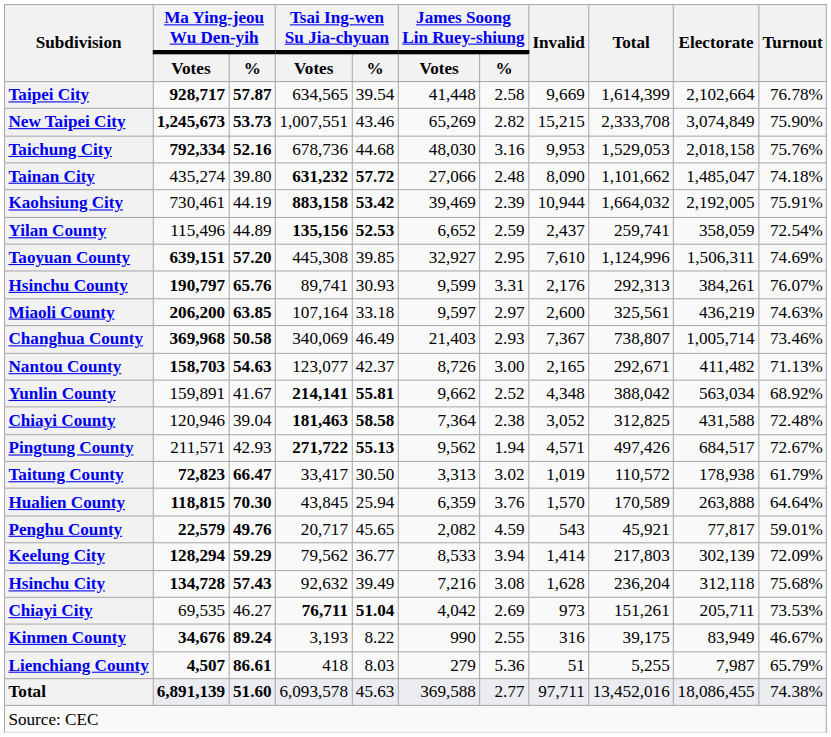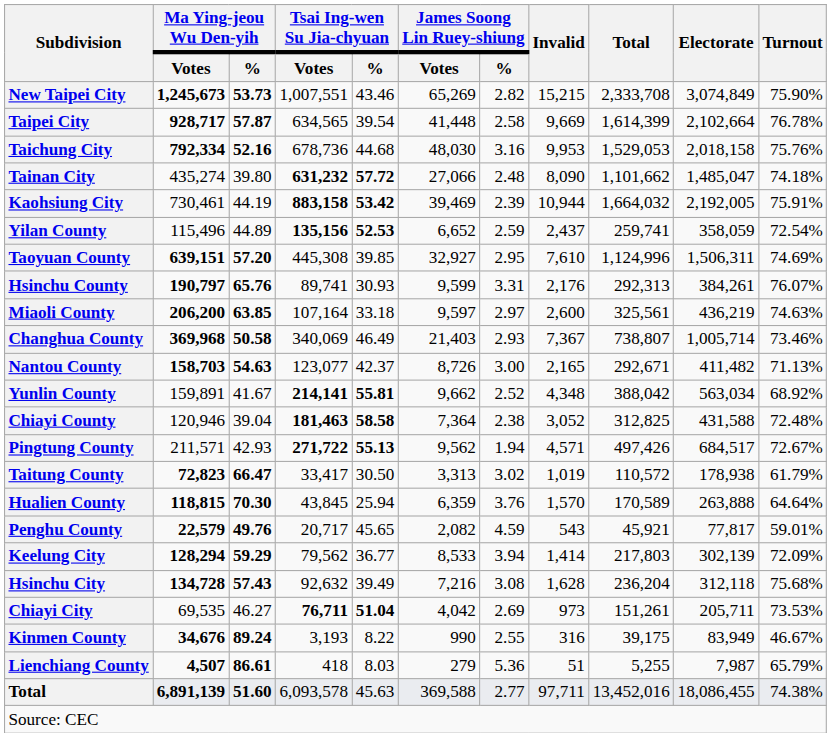 <table class="wikitable sortable" style=text-align:right>
 <tr>
 <th rowspan="2">Subdivision</th>
 <th colspan="2" style="border-bottom:4px solid "><a href='#'>Ma Ying-jeou</a><br><a href='#'>Wu Den-yih</a></th>
 <th colspan="2" style="border-bottom:4px solid "><a href='#'>Tsai Ing-wen</a><br><a href='#'>Su Jia-chyuan</a></th>
 <th colspan="2" style="border-bottom:4px solid "><a href='#'>James Soong</a><br><a href='#'>Lin Ruey-shiung</a></th>
 <th rowspan="2">Invalid</th>
 <th rowspan="2">Total</th>
 <th rowspan="2">Electorate</th>
 <th rowspan="2">Turnout</th>
 </tr>
 <tr>
 <th>Votes</th>
 <th>%</th>
 <th>Votes</th>
 <th>%</th>
 <th>Votes</th>
 <th>%</th>
 </tr>
 <tr>
+<th style="text-align: left;"><a href='#'>New Taipei City</a></th>
+<td><strong>1,245,673</strong></td>
+<td><strong>53.73</strong></td>
+<td>1,007,551</td>
+<td>43.46</td>
+<td>65,269</td>
+<td>2.82</td>
+<td>15,215</td>
+<td>2,333,708</td>
+<td>3,074,849</td>
+<td>75.90%</td>
+</tr>
+<tr>
 <th style="text-align: left;"><a href='#'>Taipei City</a></th>
 <td><strong>928,717</strong></td>
 <td><strong>57.87</strong></td>
 <td>634,565</td>
 <td>39.54</td>
 <td>41,448</td>
 <td>2.58</td>
 <td>9,669</td>
 <td>1,614,399</td>
 <td>2,102,664</td>
 <td>76.78%</td>
-</tr>
-<tr>
-<th style="text-align: left;"><a href='#'>New Taipei City</a></th>
-<td><strong>1,245,673</strong></td>
-<td><strong>53.73</strong></td>
-<td>1,007,551</td>
-<td>43.46</td>
-<td>65,269</td>
-<td>2.82</td>
-<td>15,215</td>
-<td>2,333,708</td>
-<td>3,074,849</td>
-<td>75.90%</td>
 </tr>
 <tr>
 <th style="text-align: left;"><a href='#'>Taichung City</a></th>
 <td><strong>792,334</strong></td>
 <td><strong>52.16</strong></td>
 <td>678,736</td>
 <td>44.68</td>
 <td>48,030</td>
 <td>3.16</td>
 <td>9,953</td>
 <td>1,529,053</td>
 <td>2,018,158</td>
 <td>75.76%</td>
 </tr>
 <tr>
 <th style="text-align: left;"><a href='#'>Tainan City</a></th>
 <td>435,274</td>
 <td>39.80</td>
 <td><strong>631,232</strong></td>
 <td><strong>57.72</strong></td>
 <td>27,066</td>
 <td>2.48</td>
 <td>8,090</td>
 <td>1,101,662</td>
 <td>1,485,047</td>
 <td>74.18%</td>
 </tr>
 <tr>
 <th style="text-align: left;"><a href='#'>Kaohsiung City</a></th>
 <td>730,461</td>
 <td>44.19</td>
 <td><strong>883,158</strong></td>
 <td><strong>53.42</strong></td>
 <td>39,469</td>
 <td>2.39</td>
 <td>10,944</td>
 <td>1,664,032</td>
 <td>2,192,005</td>
 <td>75.91%</td>
 </tr>
 <tr>
 <th style="text-align: left;"><a href='#'>Yilan County</a></th>
 <td>115,496</td>
 <td>44.89</td>
 <td><strong>135,156</strong></td>
 <td><strong>52.53</strong></td>
 <td>6,652</td>
 <td>2.59</td>
 <td>2,437</td>
 <td>259,741</td>
 <td>358,059</td>
 <td>72.54%</td>
 </tr>
 <tr>
 <th style="text-align: left;"><a href='#'>Taoyuan County</a></th>
 <td><strong>639,151</strong></td>
 <td><strong>57.20</strong></td>
 <td>445,308</td>
 <td>39.85</td>
 <td>32,927</td>
 <td>2.95</td>
 <td>7,610</td>
 <td>1,124,996</td>
 <td>1,506,311</td>
 <td>74.69%</td>
 </tr>
 <tr>
 <th style="text-align: left;"><a href='#'>Hsinchu County</a></th>
 <td><strong>190,797</strong></td>
 <td><strong>65.76</strong></td>
 <td>89,741</td>
 <td>30.93</td>
 <td>9,599</td>
 <td>3.31</td>
 <td>2,176</td>
 <td>292,313</td>
 <td>384,261</td>
 <td>76.07%</td>
 </tr>
 <tr>
 <th style="text-align: left;"><a href='#'>Miaoli County</a></th>
 <td><strong>206,200</strong></td>
 <td><strong>63.85</strong></td>
 <td>107,164</td>
 <td>33.18</td>
 <td>9,597</td>
 <td>2.97</td>
 <td>2,600</td>
 <td>325,561</td>
 <td>436,219</td>
 <td>74.63%</td>
 </tr>
 <tr>
 <th style="text-align: left;"><a href='#'>Changhua County</a></th>
 <td><strong>369,968</strong></td>
 <td><strong>50.58</strong></td>
 <td>340,069</td>
 <td>46.49</td>
 <td>21,403</td>
 <td>2.93</td>
 <td>7,367</td>
 <td>738,807</td>
 <td>1,005,714</td>
 <td>73.46%</td>
 </tr>
 <tr>
 <th style="text-align: left;"><a href='#'>Nantou County</a></th>
 <td><strong>158,703</strong></td>
 <td><strong>54.63</strong></td>
 <td>123,077</td>
 <td>42.37</td>
 <td>8,726</td>
 <td>3.00</td>
 <td>2,165</td>
 <td>292,671</td>
 <td>411,482</td>
 <td>71.13%</td>
 </tr>
 <tr>
 <th style="text-align: left;"><a href='#'>Yunlin County</a></th>
 <td>159,891</td>
 <td>41.67</td>
 <td><strong>214,141</strong></td>
 <td><strong>55.81</strong></td>
 <td>9,662</td>
 <td>2.52</td>
 <td>4,348</td>
 <td>388,042</td>
 <td>563,034</td>
 <td>68.92%</td>
 </tr>
 <tr>
 <th style="text-align: left;"><a href='#'>Chiayi County</a></th>
 <td>120,946</td>
 <td>39.04</td>
 <td><strong>181,463</strong></td>
 <td><strong>58.58</strong></td>
 <td>7,364</td>
 <td>2.38</td>
 <td>3,052</td>
 <td>312,825</td>
 <td>431,588</td>
 <td>72.48%</td>
 </tr>
 <tr>
 <th style="text-align: left;"><a href='#'>Pingtung County</a></th>
 <td>211,571</td>
 <td>42.93</td>
 <td><strong>271,722</strong></td>
 <td><strong>55.13</strong></td>
 <td>9,562</td>
 <td>1.94</td>
 <td>4,571</td>
 <td>497,426</td>
 <td>684,517</td>
 <td>72.67%</td>
 </tr>
 <tr>
 <th style="text-align: left;"><a href='#'>Taitung County</a></th>
 <td><strong>72,823</strong></td>
 <td><strong>66.47</strong></td>
 <td>33,417</td>
 <td>30.50</td>
 <td>3,313</td>
 <td>3.02</td>
 <td>1,019</td>
 <td>110,572</td>
 <td>178,938</td>
 <td>61.79%</td>
 </tr>
 <tr>
 <th style="text-align: left;"><a href='#'>Hualien County</a></th>
 <td><strong>118,815</strong></td>
 <td><strong>70.30</strong></td>
 <td>43,845</td>
 <td>25.94</td>
 <td>6,359</td>
 <td>3.76</td>
 <td>1,570</td>
 <td>170,589</td>
 <td>263,888</td>
 <td>64.64%</td>
 </tr>
 <tr>
 <th style="text-align: left;"><a href='#'>Penghu County</a></th>
 <td><strong>22,579</strong></td>
 <td><strong>49.76</strong></td>
 <td>20,717</td>
 <td>45.65</td>
 <td>2,082</td>
 <td>4.59</td>
 <td>543</td>
 <td>45,921</td>
 <td>77,817</td>
 <td>59.01%</td>
 </tr>
 <tr>
 <th style="text-align: left;"><a href='#'>Keelung City</a></th>
 <td><strong>128,294</strong></td>
 <td><strong>59.29</strong></td>
 <td>79,562</td>
 <td>36.77</td>
 <td>8,533</td>
 <td>3.94</td>
 <td>1,414</td>
 <td>217,803</td>
 <td>302,139</td>
 <td>72.09%</td>
 </tr>
 <tr>
 <th style="text-align: left;"><a href='#'>Hsinchu City</a></th>
 <td><strong>134,728</strong></td>
 <td><strong>57.43</strong></td>
 <td>92,632</td>
 <td>39.49</td>
 <td>7,216</td>
 <td>3.08</td>
 <td>1,628</td>
 <td>236,204</td>
 <td>312,118</td>
 <td>75.68%</td>
 </tr>
 <tr>
 <th style="text-align: left;"><a href='#'>Chiayi City</a></th>
 <td>69,535</td>
 <td>46.27</td>
 <td><strong>76,711</strong></td>
 <td><strong>51.04</strong></td>
 <td>4,042</td>
 <td>2.69</td>
 <td>973</td>
 <td>151,261</td>
 <td>205,711</td>
 <td>73.53%</td>
 </tr>
 <tr>
 <th style="text-align: left;"><a href='#'>Kinmen County</a></th>
 <td><strong>34,676</strong></td>
 <td><strong>89.24</strong></td>
 <td>3,193</td>
 <td>8.22</td>
 <td>990</td>
 <td>2.55</td>
 <td>316</td>
 <td>39,175</td>
 <td>83,949</td>
 <td>46.67%</td>
 </tr>
 <tr>
 <th style="text-align: left;"><a href='#'>Lienchiang County</a></th>
 <td><strong>4,507</strong></td>
 <td><strong>86.61</strong></td>
 <td>418</td>
 <td>8.03</td>
 <td>279</td>
 <td>5.36</td>
 <td>51</td>
 <td>5,255</td>
 <td>7,987</td>
 <td>65.79%</td>
 </tr>
 <tr class=sortbottom style="background-color:#eaecf0">
 <th style="text-align: left;">Total</th>
 <td><strong>6,891,139</strong></td>
 <td><strong>51.60</strong></td>
 <td>6,093,578</td>
 <td>45.63</td>
 <td>369,588</td>
 <td>2.77</td>
 <td>97,711</td>
 <td>13,452,016</td>
 <td>18,086,455</td>
 <td>74.38%</td>
 </tr>
 <tr class=sortbottom>
 <td colspan=11 align=left>Source: CEC</td>
 </tr>
 </table>
